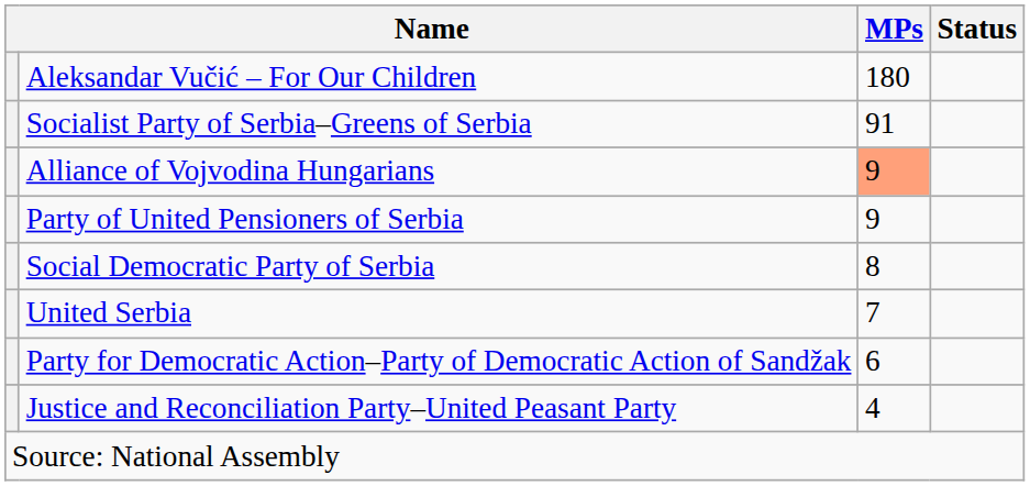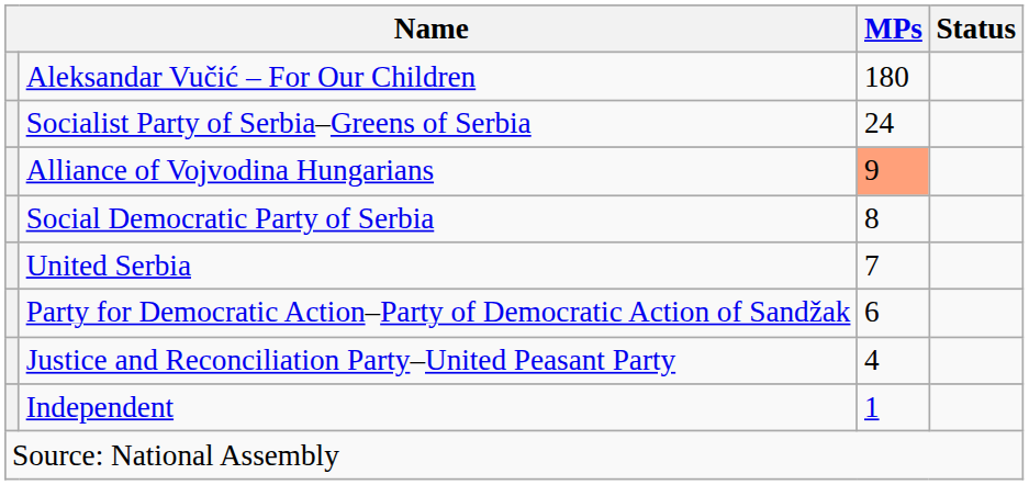 <table class="wikitable sortable">
 <tr>
 <th colspan="2">Name</th>
 <th><a href='#'>MPs</a></th>
 <th>Status</th>
 </tr>
 <tr>
 <th style="background:"></th>
 <td><a href='#'>Aleksandar Vučić – For Our Children</a></td>
 <td>180</td>
 <td></td>
 </tr>
 <tr>
 <th style="background:"></th>
 <td><a href='#'>Socialist Party of Serbia</a>–<a href='#'>Greens of Serbia</a></td>
-<td>91</td>
+<td>24</td>
 <td></td>
 </tr>
 <tr>
 <th style="background:"></th>
 <td><a href='#'>Alliance of Vojvodina Hungarians</a></td>
 <td style="background: lightsalmon;">9</td>
-<td></td>
-</tr>
-<tr>
-<th style="background:"></th>
-<td><a href='#'>Party of United Pensioners of Serbia</a></td>
-<td>9</td>
 <td></td>
 </tr>
 <tr>
 <th style="background:"></th>
 <td><a href='#'>Social Democratic Party of Serbia</a></td>
 <td>8</td>
 <td></td>
 </tr>
 <tr>
 <th style="background:"></th>
 <td><a href='#'>United Serbia</a></td>
 <td>7</td>
 <td></td>
 </tr>
 <tr>
 <th style="background:"></th>
 <td><a href='#'>Party for Democratic Action</a>–<a href='#'>Party of Democratic Action of Sandžak</a></td>
 <td>6</td>
 <td></td>
 </tr>
 <tr>
 <th style="background:"></th>
 <td><a href='#'>Justice and Reconciliation Party</a>–<a href='#'>United Peasant Party</a></td>
 <td>4</td>
 <td></td>
 </tr>
 <tr>
+<th style="background:"></th>
+<td><a href='#'>Independent</a></td>
+<td><a href='#'>1</a></td>
+<td></td>
+</tr>
+<tr>
 <td colspan="4">Source: National Assembly</td>
 </tr>
 </table>
